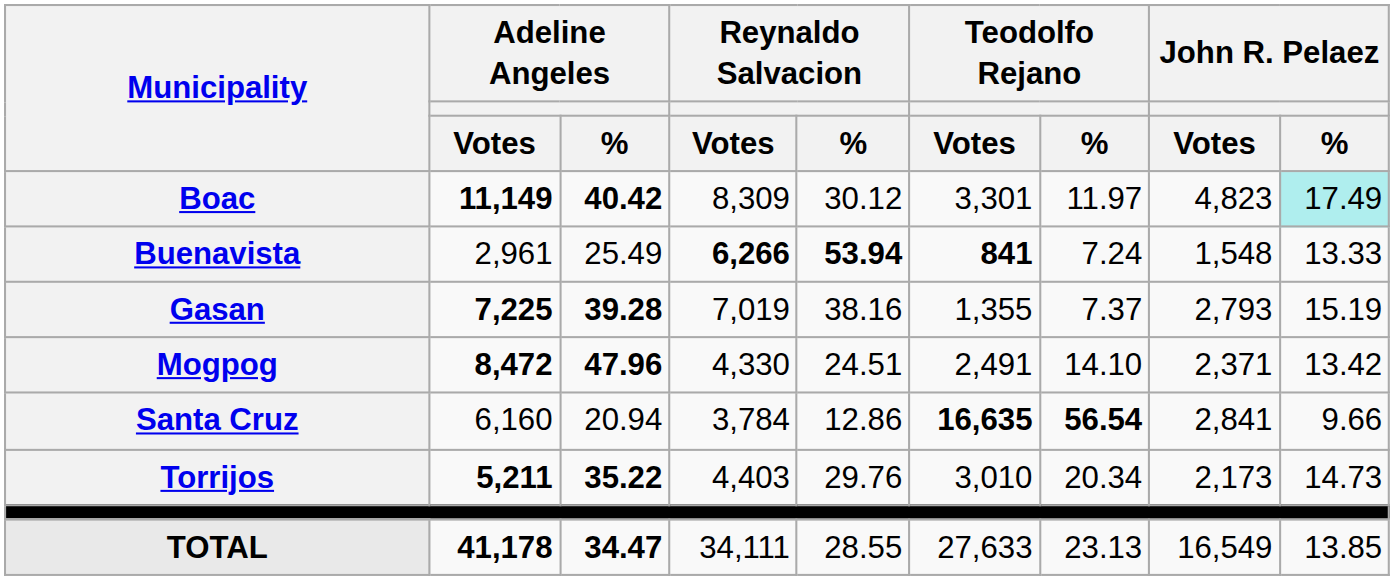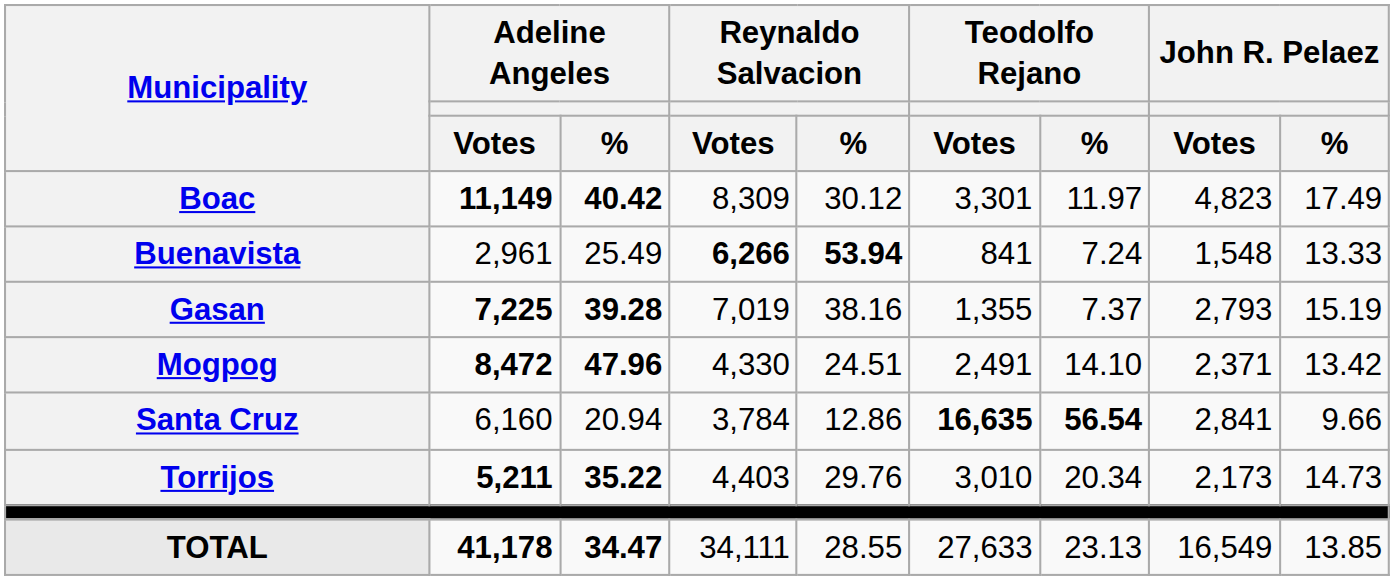 <table class="wikitable collapsible collapsed" style="text-align:right; font-size:95%; line-height:20px;">
 <tr>
 <th rowspan="3" width="200"><a href='#'>Municipality</a></th>
 <th colspan="2" width="110">Adeline Angeles</th>
 <th colspan="2" width="110">Reynaldo Salvacion</th>
 <th colspan="2" width="110">Teodolfo Rejano</th>
 <th colspan="2" width="110">John R. Pelaez</th>
 </tr>
 <tr>
 <th colspan="2" style="background:"></th>
 <th colspan="2" style="background:"></th>
 <th colspan="2" style="background:"></th>
 <th colspan="2" style="background:"></th>
 </tr>
 <tr>
 <th>Votes</th>
 <th>%</th>
 <th>Votes</th>
 <th>%</th>
 <th>Votes</th>
 <th>%</th>
 <th>Votes</th>
 <th>%</th>
 </tr>
 <tr>
 <th scope="row"><a href='#'>Boac</a></th>
 <td style="background:"><strong>11,149</strong></td>
 <td style="background:"><strong>40.42</strong></td>
 <td>8,309</td>
 <td>30.12</td>
 <td>3,301</td>
 <td>11.97</td>
 <td>4,823</td>
-<td style="background: paleturquoise;">17.49</td>
+<td>17.49</td>
 </tr>
 <tr>
 <th scope="row"><a href='#'>Buenavista</a></th>
 <td>2,961</td>
 <td>25.49</td>
 <td style="background:"><strong>6,266</strong></td>
 <td style="background:"><strong>53.94</strong></td>
-<td><strong>841</strong></td>
+<td>841</td>
 <td>7.24</td>
 <td>1,548</td>
 <td>13.33</td>
 </tr>
 <tr>
 <th scope="row"><a href='#'>Gasan</a></th>
 <td style="background:"><strong>7,225</strong></td>
 <td style="background:"><strong>39.28</strong></td>
 <td>7,019</td>
 <td>38.16</td>
 <td>1,355</td>
 <td>7.37</td>
 <td>2,793</td>
 <td>15.19</td>
 </tr>
 <tr>
 <th scope="row"><a href='#'>Mogpog</a></th>
 <td style="background:"><strong>8,472</strong></td>
 <td style="background:"><strong>47.96</strong></td>
 <td>4,330</td>
 <td>24.51</td>
 <td>2,491</td>
 <td>14.10</td>
 <td>2,371</td>
 <td>13.42</td>
 </tr>
 <tr>
 <th scope="row"><a href='#'>Santa Cruz</a></th>
 <td>6,160</td>
 <td>20.94</td>
 <td>3,784</td>
 <td>12.86</td>
 <td style="background:"><strong>16,635</strong></td>
 <td style="background:"><strong>56.54</strong></td>
 <td>2,841</td>
 <td>9.66</td>
 </tr>
 <tr>
 <th scope="row"><a href='#'>Torrijos</a></th>
 <td style="background:"><strong>5,211</strong></td>
 <td style="background:"><strong>35.22</strong></td>
 <td>4,403</td>
 <td>29.76</td>
 <td>3,010</td>
 <td>20.34</td>
 <td>2,173</td>
 <td>14.73</td>
 </tr>
 <tr>
 <td colspan=9 bgcolor=black></td>
 </tr>
 <tr>
 <td style="background:#E9E9E9;" align="center"><strong>TOTAL</strong></td>
 <td style="background:"><strong>41,178</strong></td>
 <td style="background:"><strong>34.47</strong></td>
 <td>34,111</td>
 <td>28.55</td>
 <td>27,633</td>
 <td>23.13</td>
 <td>16,549</td>
 <td>13.85</td>
 </tr>
 </table>
